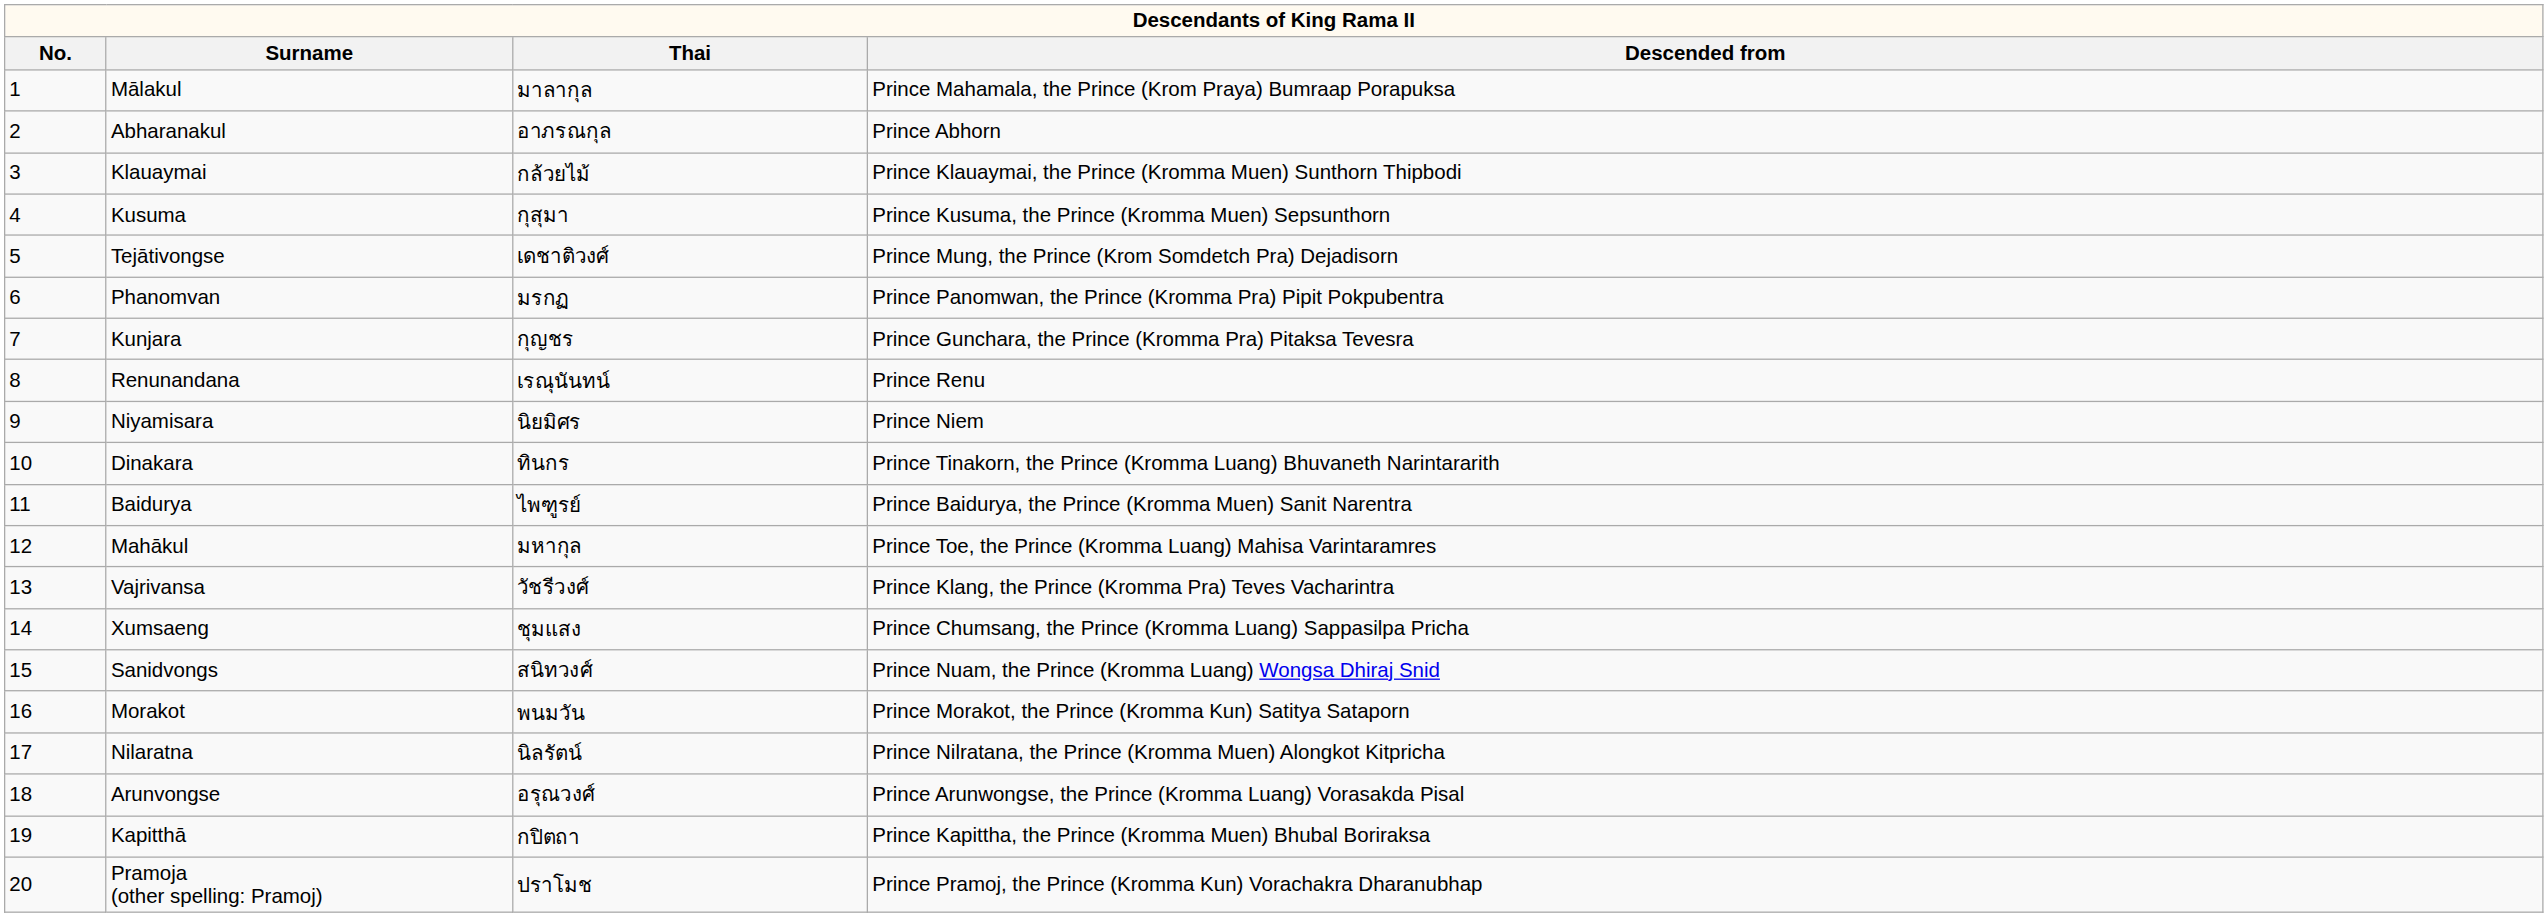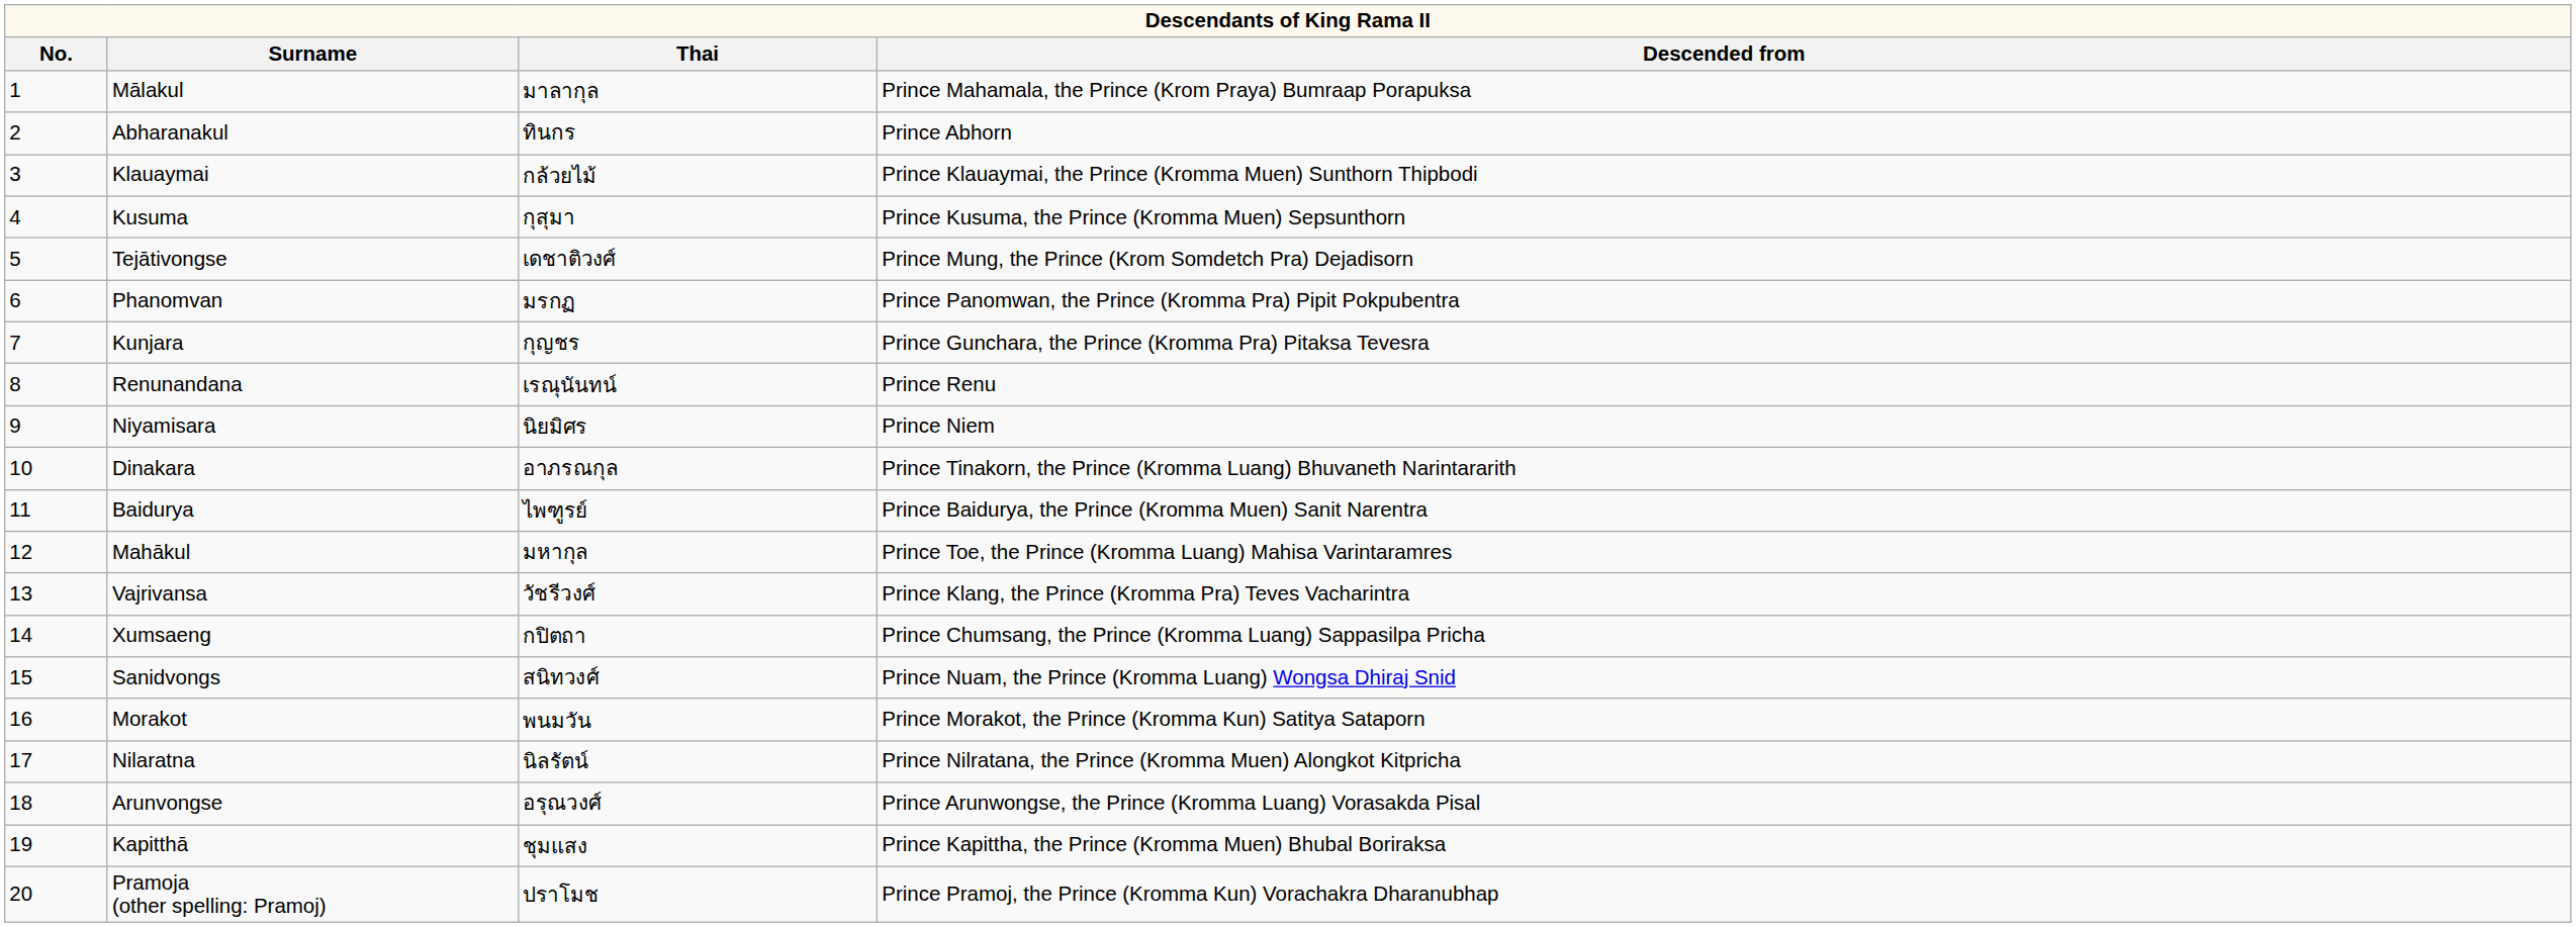 <table class="wikitable collapsible collapsed" style="width:100%;">
 <tr>
 <th style="align: center; background: #fffaf0;" colspan="4"><strong>Descendants of King Rama II</strong></th>
 </tr>
 <tr>
 <th style="width:4%;">No.</th>
 <th style="width:16%;">Surname</th>
 <th style="width:14%;">Thai</th>
 <th style="width:66%;">Descended from</th>
 </tr>
 <tr>
 <td>1</td>
 <td>Mālakul</td>
 <td>มาลากุล</td>
 <td>Prince Mahamala, the Prince (Krom Praya) Bumraap Porapuksa</td>
 </tr>
 <tr>
 <td>2</td>
 <td>Abharanakul</td>
-<td>อาภรณกุล</td>
+<td>ทินกร</td>
 <td>Prince Abhorn</td>
 </tr>
 <tr>
 <td>3</td>
 <td>Klauaymai</td>
 <td>กล้วยไม้</td>
 <td>Prince Klauaymai, the Prince (Kromma Muen) Sunthorn Thipbodi</td>
 </tr>
 <tr>
 <td>4</td>
 <td>Kusuma</td>
 <td>กุสุมา</td>
 <td>Prince Kusuma, the Prince (Kromma Muen) Sepsunthorn</td>
 </tr>
 <tr>
 <td>5</td>
 <td>Tejātivongse</td>
 <td>เดชาติวงศ์</td>
 <td>Prince Mung, the Prince (Krom Somdetch Pra) Dejadisorn</td>
 </tr>
 <tr>
 <td>6</td>
 <td>Phanomvan</td>
 <td>มรกฏ</td>
 <td>Prince Panomwan, the Prince (Kromma Pra) Pipit Pokpubentra</td>
 </tr>
 <tr>
 <td>7</td>
 <td>Kunjara</td>
 <td>กุญชร</td>
 <td>Prince Gunchara, the Prince (Kromma Pra) Pitaksa Tevesra</td>
 </tr>
 <tr>
 <td>8</td>
 <td>Renunandana</td>
 <td>เรณุนันทน์</td>
 <td>Prince Renu</td>
 </tr>
 <tr>
 <td>9</td>
 <td>Niyamisara</td>
 <td>นิยมิศร</td>
 <td>Prince Niem</td>
 </tr>
 <tr>
 <td>10</td>
 <td>Dinakara</td>
-<td>ทินกร</td>
+<td>อาภรณกุล</td>
 <td>Prince Tinakorn, the Prince (Kromma Luang) Bhuvaneth Narintararith</td>
 </tr>
 <tr>
 <td>11</td>
 <td>Baidurya</td>
 <td>ไพฑูรย์</td>
 <td>Prince Baidurya, the Prince (Kromma Muen) Sanit Narentra</td>
 </tr>
 <tr>
 <td>12</td>
 <td>Mahākul</td>
 <td>มหากุล</td>
 <td>Prince Toe, the Prince (Kromma Luang) Mahisa Varintaramres</td>
 </tr>
 <tr>
 <td>13</td>
 <td>Vajrivansa</td>
 <td>วัชรีวงศ์</td>
 <td>Prince Klang, the Prince (Kromma Pra) Teves Vacharintra</td>
 </tr>
 <tr>
 <td>14</td>
 <td>Xumsaeng</td>
-<td>ชุมแสง</td>
+<td>กปิตถา</td>
 <td>Prince Chumsang, the Prince (Kromma Luang) Sappasilpa Pricha</td>
 </tr>
 <tr>
 <td>15</td>
 <td>Sanidvongs</td>
 <td>สนิทวงศ์</td>
 <td>Prince Nuam, the Prince (Kromma Luang) <a href='#'>Wongsa Dhiraj Snid</a></td>
 </tr>
 <tr>
 <td>16</td>
 <td>Morakot</td>
 <td>พนมวัน</td>
 <td>Prince Morakot, the Prince (Kromma Kun) Satitya Sataporn</td>
 </tr>
 <tr>
 <td>17</td>
 <td>Nilaratna</td>
 <td>นิลรัตน์</td>
 <td>Prince Nilratana, the Prince (Kromma Muen) Alongkot Kitpricha</td>
 </tr>
 <tr>
 <td>18</td>
 <td>Arunvongse</td>
 <td>อรุณวงศ์</td>
 <td>Prince Arunwongse, the Prince (Kromma Luang) Vorasakda Pisal</td>
 </tr>
 <tr>
 <td>19</td>
 <td>Kapitthā</td>
-<td>กปิตถา</td>
+<td>ชุมแสง</td>
 <td>Prince Kapittha, the Prince (Kromma Muen) Bhubal Boriraksa</td>
 </tr>
 <tr>
 <td>20</td>
 <td>Pramoja<br>(other spelling: Pramoj)</td>
 <td>ปราโมช</td>
 <td>Prince Pramoj, the Prince (Kromma Kun) Vorachakra Dharanubhap</td>
 </tr>
 </table>
